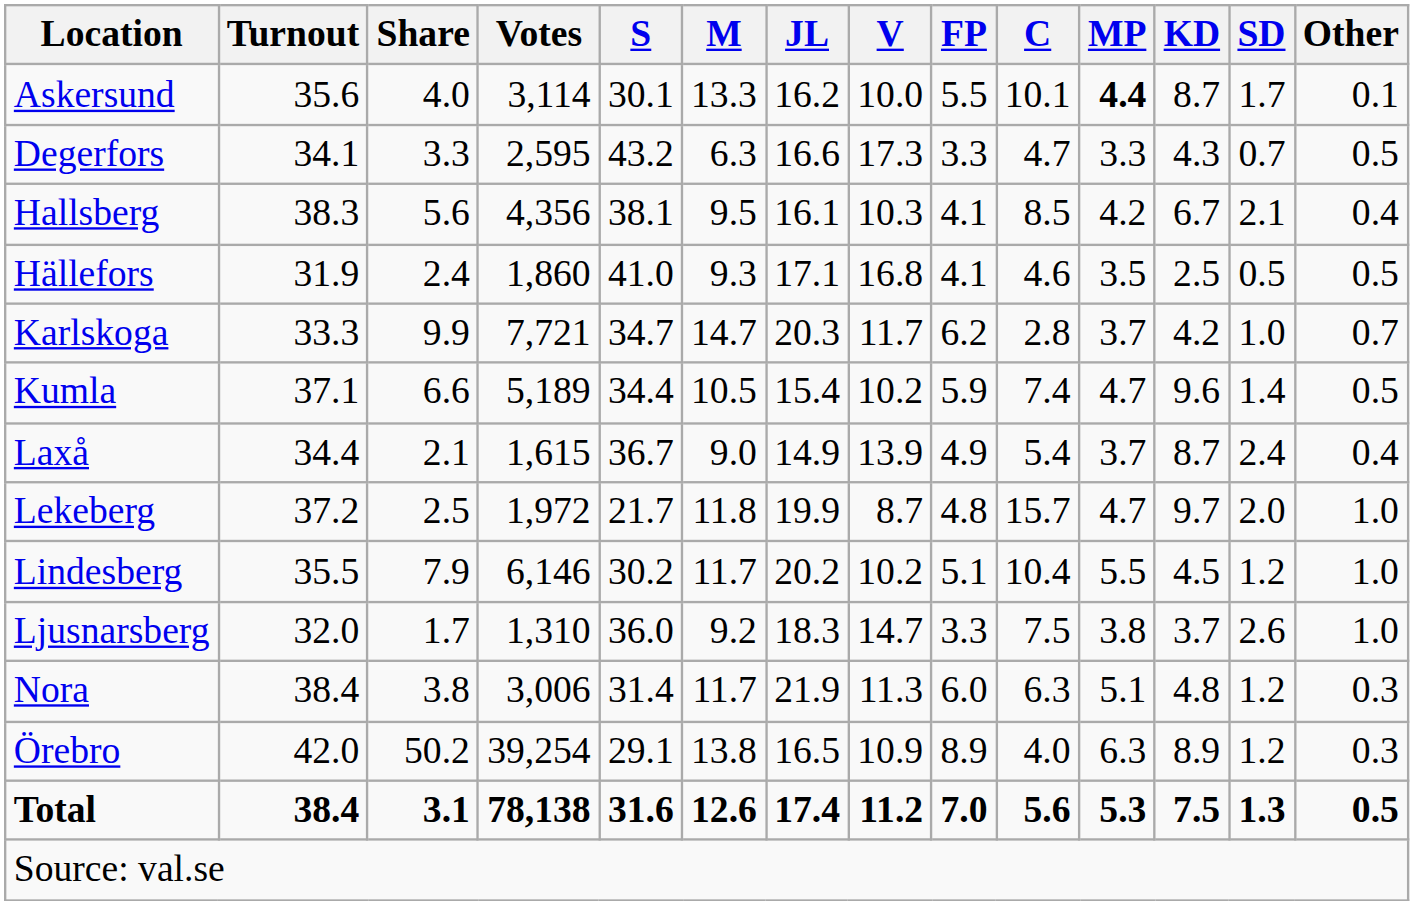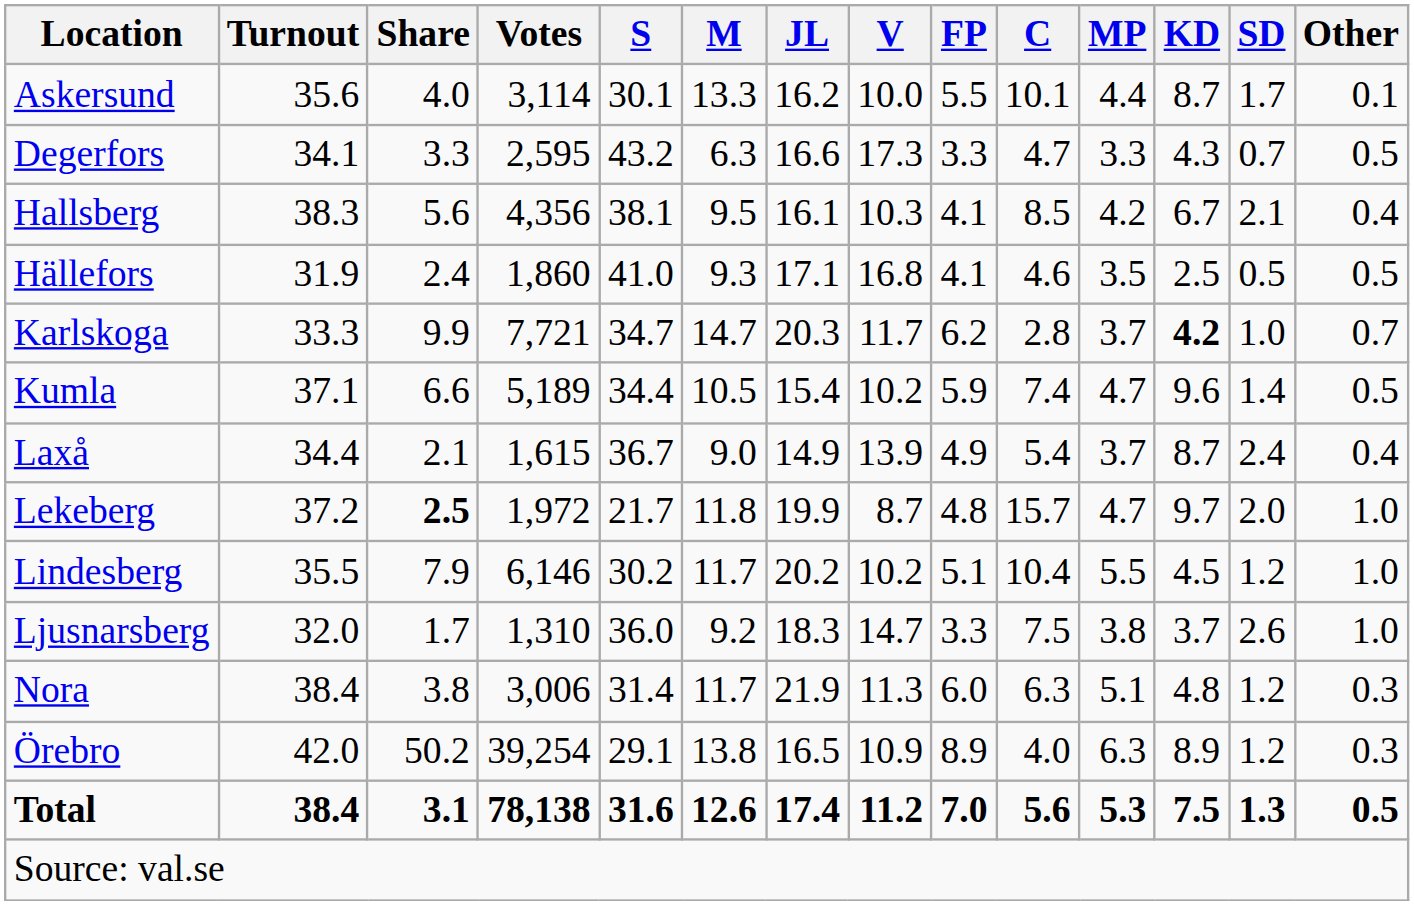 <table class="wikitable sortable" style=text-align:right>
 <tr>
 <th>Location</th>
 <th>Turnout</th>
 <th>Share</th>
 <th>Votes</th>
 <th><a href='#'>S</a></th>
 <th><a href='#'>M</a></th>
 <th><a href='#'>JL</a></th>
 <th><a href='#'>V</a></th>
 <th><a href='#'>FP</a></th>
 <th><a href='#'>C</a></th>
 <th><a href='#'>MP</a></th>
 <th><a href='#'>KD</a></th>
 <th><a href='#'>SD</a></th>
 <th>Other</th>
 </tr>
 <tr>
 <td align=left><a href='#'>Askersund</a></td>
 <td>35.6</td>
 <td>4.0</td>
 <td>3,114</td>
 <td>30.1</td>
 <td>13.3</td>
 <td>16.2</td>
 <td>10.0</td>
 <td>5.5</td>
 <td>10.1</td>
-<td><strong>4.4</strong></td>
+<td>4.4</td>
 <td>8.7</td>
 <td>1.7</td>
 <td>0.1</td>
 </tr>
 <tr>
 <td align=left><a href='#'>Degerfors</a></td>
 <td>34.1</td>
 <td>3.3</td>
 <td>2,595</td>
 <td>43.2</td>
 <td>6.3</td>
 <td>16.6</td>
 <td>17.3</td>
 <td>3.3</td>
 <td>4.7</td>
 <td>3.3</td>
 <td>4.3</td>
 <td>0.7</td>
 <td>0.5</td>
 </tr>
 <tr>
 <td align=left><a href='#'>Hallsberg</a></td>
 <td>38.3</td>
 <td>5.6</td>
 <td>4,356</td>
 <td>38.1</td>
 <td>9.5</td>
 <td>16.1</td>
 <td>10.3</td>
 <td>4.1</td>
 <td>8.5</td>
 <td>4.2</td>
 <td>6.7</td>
 <td>2.1</td>
 <td>0.4</td>
 </tr>
 <tr>
 <td align=left><a href='#'>Hällefors</a></td>
 <td>31.9</td>
 <td>2.4</td>
 <td>1,860</td>
 <td>41.0</td>
 <td>9.3</td>
 <td>17.1</td>
 <td>16.8</td>
 <td>4.1</td>
 <td>4.6</td>
 <td>3.5</td>
 <td>2.5</td>
 <td>0.5</td>
 <td>0.5</td>
 </tr>
 <tr>
 <td align=left><a href='#'>Karlskoga</a></td>
 <td>33.3</td>
 <td>9.9</td>
 <td>7,721</td>
 <td>34.7</td>
 <td>14.7</td>
 <td>20.3</td>
 <td>11.7</td>
 <td>6.2</td>
 <td>2.8</td>
 <td>3.7</td>
-<td>4.2</td>
+<td><strong>4.2</strong></td>
 <td>1.0</td>
 <td>0.7</td>
 </tr>
 <tr>
 <td align=left><a href='#'>Kumla</a></td>
 <td>37.1</td>
 <td>6.6</td>
 <td>5,189</td>
 <td>34.4</td>
 <td>10.5</td>
 <td>15.4</td>
 <td>10.2</td>
 <td>5.9</td>
 <td>7.4</td>
 <td>4.7</td>
 <td>9.6</td>
 <td>1.4</td>
 <td>0.5</td>
 </tr>
 <tr>
 <td align=left><a href='#'>Laxå</a></td>
 <td>34.4</td>
 <td>2.1</td>
 <td>1,615</td>
 <td>36.7</td>
 <td>9.0</td>
 <td>14.9</td>
 <td>13.9</td>
 <td>4.9</td>
 <td>5.4</td>
 <td>3.7</td>
 <td>8.7</td>
 <td>2.4</td>
 <td>0.4</td>
 </tr>
 <tr>
 <td align=left><a href='#'>Lekeberg</a></td>
 <td>37.2</td>
-<td>2.5</td>
+<td><strong>2.5</strong></td>
 <td>1,972</td>
 <td>21.7</td>
 <td>11.8</td>
 <td>19.9</td>
 <td>8.7</td>
 <td>4.8</td>
 <td>15.7</td>
 <td>4.7</td>
 <td>9.7</td>
 <td>2.0</td>
 <td>1.0</td>
 </tr>
 <tr>
 <td align=left><a href='#'>Lindesberg</a></td>
 <td>35.5</td>
 <td>7.9</td>
 <td>6,146</td>
 <td>30.2</td>
 <td>11.7</td>
 <td>20.2</td>
 <td>10.2</td>
 <td>5.1</td>
 <td>10.4</td>
 <td>5.5</td>
 <td>4.5</td>
 <td>1.2</td>
 <td>1.0</td>
 </tr>
 <tr>
 <td align=left><a href='#'>Ljusnarsberg</a></td>
 <td>32.0</td>
 <td>1.7</td>
 <td>1,310</td>
 <td>36.0</td>
 <td>9.2</td>
 <td>18.3</td>
 <td>14.7</td>
 <td>3.3</td>
 <td>7.5</td>
 <td>3.8</td>
 <td>3.7</td>
 <td>2.6</td>
 <td>1.0</td>
 </tr>
 <tr>
 <td align=left><a href='#'>Nora</a></td>
 <td>38.4</td>
 <td>3.8</td>
 <td>3,006</td>
 <td>31.4</td>
 <td>11.7</td>
 <td>21.9</td>
 <td>11.3</td>
 <td>6.0</td>
 <td>6.3</td>
 <td>5.1</td>
 <td>4.8</td>
 <td>1.2</td>
 <td>0.3</td>
 </tr>
 <tr>
 <td align=left><a href='#'>Örebro</a></td>
 <td>42.0</td>
 <td>50.2</td>
 <td>39,254</td>
 <td>29.1</td>
 <td>13.8</td>
 <td>16.5</td>
 <td>10.9</td>
 <td>8.9</td>
 <td>4.0</td>
 <td>6.3</td>
 <td>8.9</td>
 <td>1.2</td>
 <td>0.3</td>
 </tr>
 <tr>
 <td align=left><strong>Total</strong></td>
 <td><strong>38.4</strong></td>
 <td><strong>3.1</strong></td>
 <td><strong>78,138</strong></td>
 <td><strong>31.6</strong></td>
 <td><strong>12.6</strong></td>
 <td><strong>17.4</strong></td>
 <td><strong>11.2</strong></td>
 <td><strong>7.0</strong></td>
 <td><strong>5.6</strong></td>
 <td><strong>5.3</strong></td>
 <td><strong>7.5</strong></td>
 <td><strong>1.3</strong></td>
 <td><strong>0.5</strong></td>
 </tr>
 <tr>
 <td align=left colspan=14>Source: val.se </td>
 </tr>
 </table>
